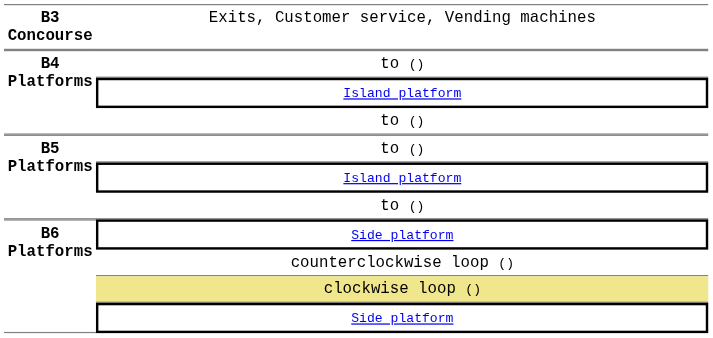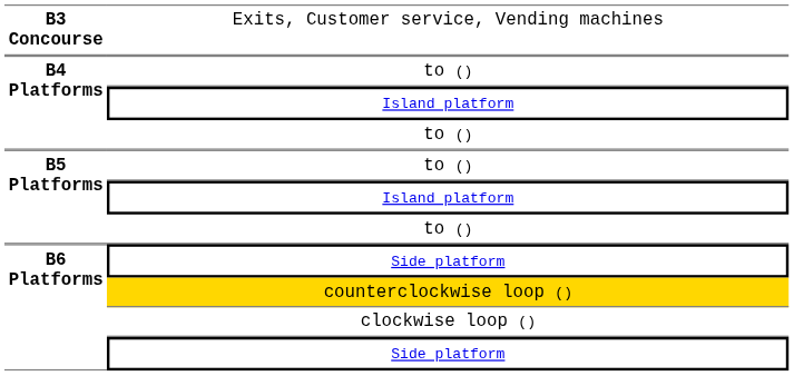 <table table border=0 cellspacing=0 cellpadding=3>
 <tr>
 <td style="border-bottom:solid 1px gray; border-top:solid 1px gray;text-align:center" valign=top width=50><strong>B3<br>Concourse</strong></td>
 <td style="border-bottom:solid 1px gray; border-top:solid 1px gray;text-align:center;" valign=top width=500>Exits, Customer service, Vending machines</td>
 </tr>
 <tr>
 <td style="border-bottom:solid 1px gray; border-top:solid 1px gray;text-align:center" rowspan="3" valign=top><strong>B4<br>Platforms</strong></td>
 <td style="border-bottom:solid 1px gray; border-top:solid 1px gray;text-align:center;">  to  <small>()</small></td>
 </tr>
 <tr>
 <td style="border-right:solid 2px black;border-left:solid 2px black;border-top:solid 2px black;border-bottom:solid 2px black;text-align:center;" colspan=2><small><a href='#'>Island platform</a></small></td>
 </tr>
 <tr>
 <td style="border-bottom:solid 1px gray;text-align:center;">  to  <small>()</small></td>
 </tr>
 <tr>
 <td style="border-bottom:solid 1px gray; border-top:solid 1px gray;text-align:center" rowspan="3" valign=top><strong>B5<br>Platforms</strong></td>
 <td style="border-bottom:solid 1px gray; border-top:solid 1px gray;text-align:center;"> to  <small>()</small> </td>
 </tr>
 <tr>
 <td style="border-right:solid 2px black;border-left:solid 2px black;border-top:solid 2px black;border-bottom:solid 2px black;text-align:center;" colspan=2><small><a href='#'>Island platform</a></small></td>
 </tr>
 <tr>
 <td style="border-bottom:solid 1px gray;text-align:center;"> to  <small>()</small> </td>
 </tr>
 <tr>
 <td style="border-bottom:solid 1px gray; border-top:solid 1px gray;text-align:center" rowspan="4" valign=top><strong>B6<br>Platforms</strong></td>
 <td style="border-right:solid 2px black;border-left:solid 2px black;border-top:solid 2px black;border-bottom:solid 2px black;text-align:center;"><small><a href='#'>Side platform</a></small></td>
 </tr>
 <tr>
-<td style="border-bottom:solid 1px gray;text-align:center;">  counterclockwise loop <small>()</small></td>
+<td style="background: gold; border-bottom:solid 1px gray;text-align:center;">  counterclockwise loop <small>()</small></td>
 </tr>
 <tr>
-<td style="background: khaki; border-bottom:solid 1px gray;text-align:center;"> clockwise loop <small>()</small> </td>
+<td style="border-bottom:solid 1px gray;text-align:center;"> clockwise loop <small>()</small> </td>
 </tr>
 <tr>
 <td style="border-right:solid 2px black;border-left:solid 2px black;border-top:solid 2px black;border-bottom:solid 2px black;text-align:center;"><small><a href='#'>Side platform</a></small></td>
 </tr>
 </table>
